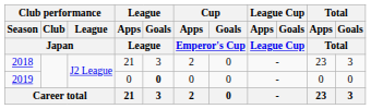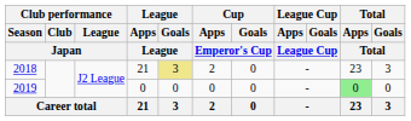 <table class="wikitable" style="text-align:center">
 <tr>
 <th colspan=3>Club performance</th>
 <th colspan=2>League</th>
 <th colspan=2>Cup</th>
 <th colspan=2>League Cup</th>
 <th colspan=2>Total</th>
 </tr>
 <tr>
 <th>Season</th>
 <th>Club</th>
 <th>League</th>
 <th>Apps</th>
 <th>Goals</th>
 <th>Apps</th>
 <th>Goals</th>
 <th>Apps</th>
 <th>Goals</th>
 <th>Apps</th>
 <th>Goals</th>
 </tr>
 <tr>
 <th colspan=3>Japan</th>
 <th colspan=2>League</th>
 <th colspan=2><a href='#'>Emperor's Cup</a></th>
 <th colspan=2><a href='#'>League Cup</a></th>
 <th colspan=2>Total</th>
 </tr>
 <tr>
 <td><a href='#'>2018</a></td>
 <td rowspan="2"></td>
 <td rowspan="2"><a href='#'>J2 League</a></td>
 <td>21</td>
-<td>3</td>
+<td style="background: khaki;">3</td>
 <td>2</td>
 <td>0</td>
 <td colspan=2>-</td>
 <td>23</td>
 <td>3</td>
 </tr>
 <tr>
 <td><a href='#'>2019</a></td>
 <td>0</td>
-<td><strong>0</strong></td>
+<td>0</td>
 <td>0</td>
 <td>0</td>
 <td colspan=2>-</td>
-<td>0</td>
+<td style="background: lightgreen;">0</td>
 <td>0</td>
 </tr>
 <tr>
 <th colspan=3>Career total</th>
 <th>21</th>
 <th>3</th>
 <th>2</th>
 <th>0</th>
 <th colspan="2">-</th>
 <th>23</th>
 <th>3</th>
 </tr>
 </table>
